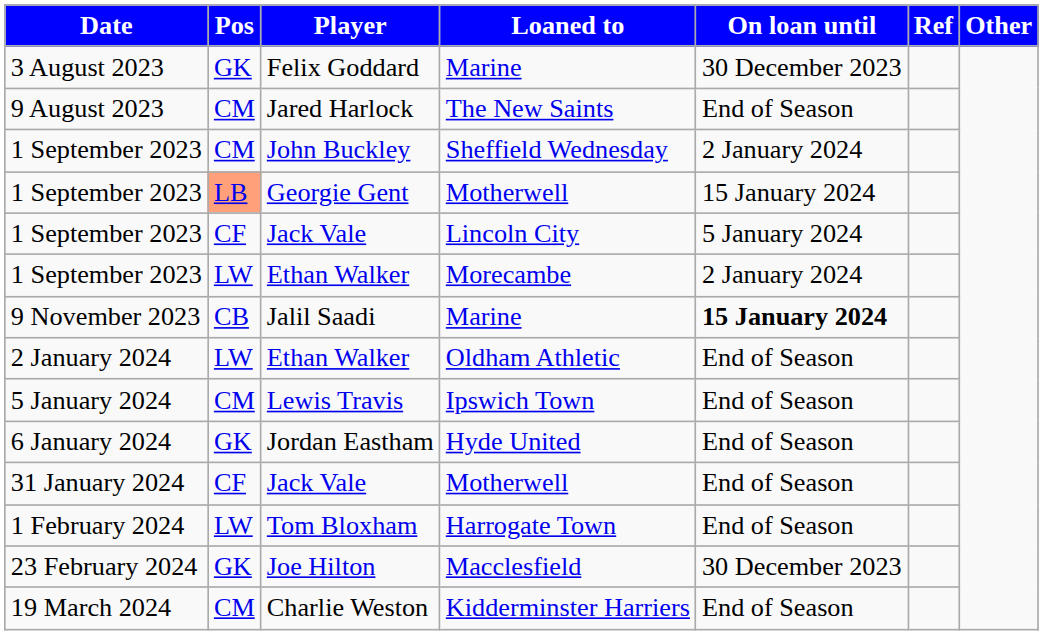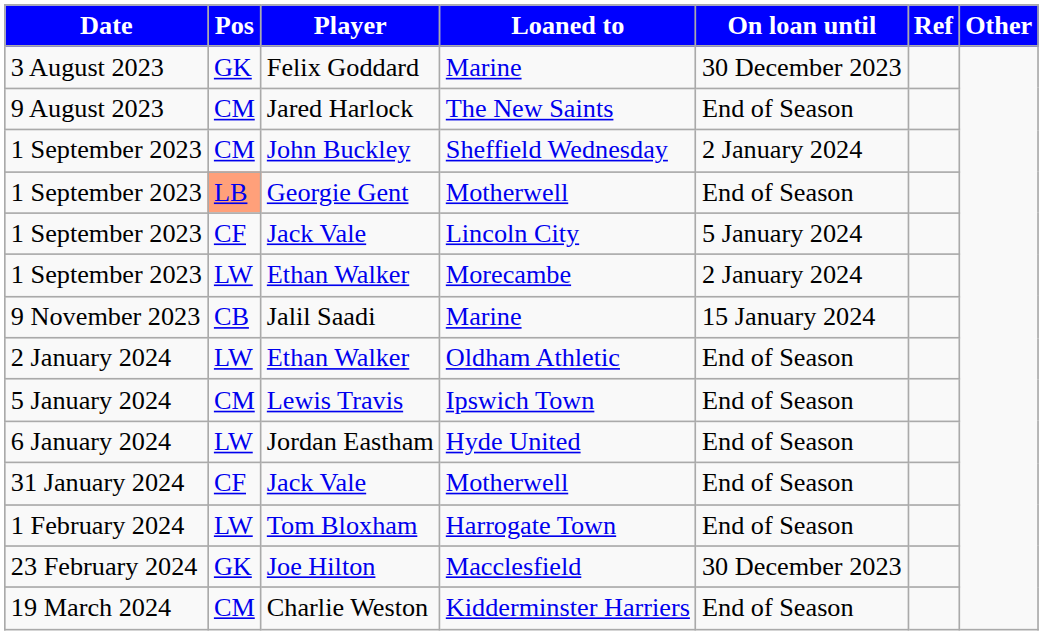 <table class="wikitable plainrowheaders sortable">
 <tr>
 <th style="background:#0000FF; color:#ffffff; ">Date</th>
 <th style="background:#0000FF; color:#ffffff; ">Pos</th>
 <th style="background:#0000FF; color:#ffffff; ">Player</th>
 <th style="background:#0000FF; color:#ffffff; ">Loaned to</th>
 <th style="background:#0000FF; color:#ffffff; ">On loan until</th>
 <th style="background:#0000FF; color:#ffffff; ">Ref</th>
 <th style="background:#0000FF; color:#ffffff; ">Other</th>
 </tr>
 <tr>
 <td>3 August 2023</td>
 <td><a href='#'>GK</a></td>
 <td> Felix Goddard</td>
 <td> <a href='#'>Marine</a></td>
 <td>30 December 2023</td>
 <td></td>
 </tr>
 <tr>
 <td>9 August 2023</td>
 <td><a href='#'>CM</a></td>
 <td> Jared Harlock</td>
 <td> <a href='#'>The New Saints</a></td>
 <td>End of Season</td>
 <td></td>
 </tr>
 <tr>
 <td>1 September 2023</td>
 <td><a href='#'>CM</a></td>
 <td> <a href='#'>John Buckley</a></td>
 <td> <a href='#'>Sheffield Wednesday</a></td>
 <td>2 January 2024</td>
 <td></td>
 </tr>
 <tr>
 <td>1 September 2023</td>
 <td style="background: lightsalmon;"><a href='#'>LB</a></td>
 <td> <a href='#'>Georgie Gent</a></td>
 <td> <a href='#'>Motherwell</a></td>
-<td>15 January 2024</td>
+<td>End of Season</td>
 <td></td>
 </tr>
 <tr>
 <td>1 September 2023</td>
 <td><a href='#'>CF</a></td>
 <td> <a href='#'>Jack Vale</a></td>
 <td> <a href='#'>Lincoln City</a></td>
 <td>5 January 2024</td>
 <td></td>
 </tr>
 <tr>
 <td>1 September 2023</td>
 <td><a href='#'>LW</a></td>
 <td> <a href='#'>Ethan Walker</a></td>
 <td> <a href='#'>Morecambe</a></td>
 <td>2 January 2024</td>
 <td></td>
 </tr>
 <tr>
 <td>9 November 2023</td>
 <td><a href='#'>CB</a></td>
 <td> Jalil Saadi</td>
 <td> <a href='#'>Marine</a></td>
-<td><strong>15 January 2024</strong></td>
+<td>15 January 2024</td>
 <td></td>
 </tr>
 <tr>
 <td>2 January 2024</td>
 <td><a href='#'>LW</a></td>
 <td> <a href='#'>Ethan Walker</a></td>
 <td> <a href='#'>Oldham Athletic</a></td>
 <td>End of Season</td>
 <td></td>
 </tr>
 <tr>
 <td>5 January 2024</td>
 <td><a href='#'>CM</a></td>
 <td> <a href='#'>Lewis Travis</a></td>
 <td> <a href='#'>Ipswich Town</a></td>
 <td>End of Season</td>
 <td></td>
 </tr>
 <tr>
 <td>6 January 2024</td>
-<td><a href='#'>GK</a></td>
+<td><a href='#'>LW</a></td>
 <td> Jordan Eastham</td>
 <td> <a href='#'>Hyde United</a></td>
 <td>End of Season</td>
 <td></td>
 </tr>
 <tr>
 <td>31 January 2024</td>
 <td><a href='#'>CF</a></td>
 <td> <a href='#'>Jack Vale</a></td>
 <td> <a href='#'>Motherwell</a></td>
 <td>End of Season</td>
 <td></td>
 </tr>
 <tr>
 <td>1 February 2024</td>
 <td><a href='#'>LW</a></td>
 <td> <a href='#'>Tom Bloxham</a></td>
 <td> <a href='#'>Harrogate Town</a></td>
 <td>End of Season</td>
 <td></td>
 </tr>
 <tr>
 <td>23 February 2024</td>
 <td><a href='#'>GK</a></td>
 <td> <a href='#'>Joe Hilton</a></td>
 <td> <a href='#'>Macclesfield</a></td>
 <td>30 December 2023</td>
 <td></td>
 </tr>
 <tr>
 <td>19 March 2024</td>
 <td><a href='#'>CM</a></td>
 <td> Charlie Weston</td>
 <td> <a href='#'>Kidderminster Harriers</a></td>
 <td>End of Season</td>
 <td></td>
 </tr>
 </table>
